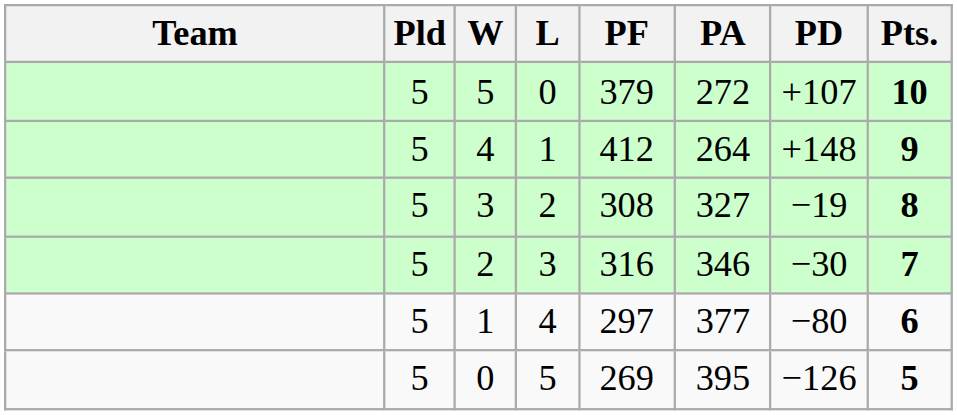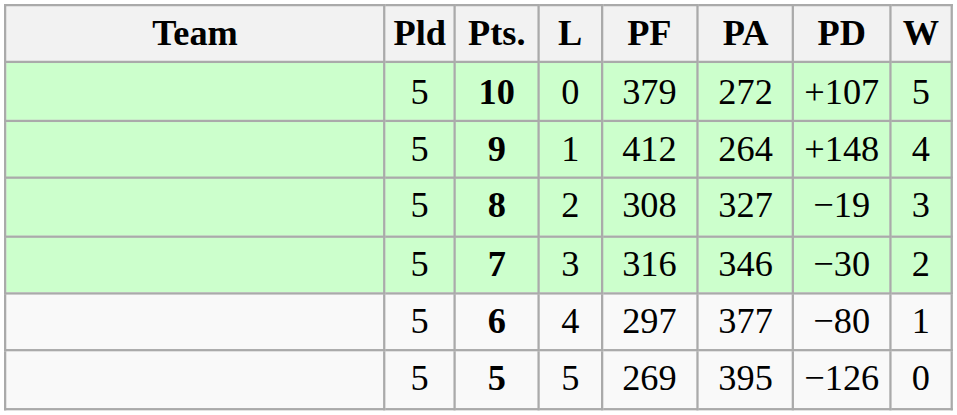 <table class=wikitable style="text-align:center">
 <tr>
 <th width=160>Team</th>
 <th width=20>Pld</th>
-<th width=20>W</th>
+<th width=30>Pts.</th>
 <th width=20>L</th>
 <th width=35>PF</th>
 <th width=35>PA</th>
 <th width=35>PD</th>
-<th width=30>Pts.</th>
+<th width=20>W</th>
 </tr>
 <tr bgcolor=ccffcc>
 <td align=left></td>
 <td>5</td>
-<td>5</td>
+<td><strong>10</strong></td>
 <td>0</td>
 <td>379</td>
 <td>272</td>
 <td>+107</td>
-<td><strong>10</strong></td>
+<td>5</td>
 </tr>
 <tr bgcolor=ccffcc>
 <td align=left></td>
 <td>5</td>
-<td>4</td>
+<td><strong>9</strong></td>
 <td>1</td>
 <td>412</td>
 <td>264</td>
 <td>+148</td>
-<td><strong>9</strong></td>
+<td>4</td>
 </tr>
 <tr bgcolor=ccffcc>
 <td align=left></td>
 <td>5</td>
-<td>3</td>
+<td><strong>8</strong></td>
 <td>2</td>
 <td>308</td>
 <td>327</td>
 <td>−19</td>
-<td><strong>8</strong></td>
+<td>3</td>
 </tr>
 <tr bgcolor=ccffcc>
 <td align=left></td>
 <td>5</td>
-<td>2</td>
+<td><strong>7</strong></td>
 <td>3</td>
 <td>316</td>
 <td>346</td>
 <td>−30</td>
-<td><strong>7</strong></td>
+<td>2</td>
 </tr>
 <tr bgcolor=>
 <td align=left></td>
 <td>5</td>
-<td>1</td>
+<td><strong>6</strong></td>
 <td>4</td>
 <td>297</td>
 <td>377</td>
 <td>−80</td>
-<td><strong>6</strong></td>
+<td>1</td>
 </tr>
 <tr bgcolor=>
 <td align=left></td>
 <td>5</td>
-<td>0</td>
+<td><strong>5</strong></td>
 <td>5</td>
 <td>269</td>
 <td>395</td>
 <td>−126</td>
-<td><strong>5</strong></td>
+<td>0</td>
 </tr>
 </table>
